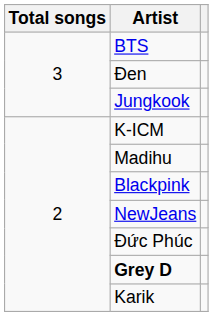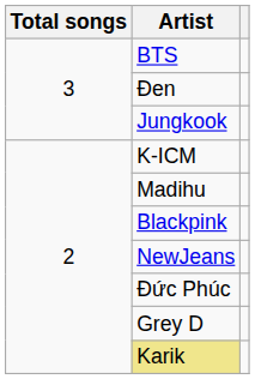 <table class="wikitable sortable">
 <tr>
 <th>Total songs</th>
 <th>Artist</th>
 <th class="unsortable"></th>
 </tr>
 <tr>
 <td rowspan="3" align="center">3</td>
 <td><a href='#'>BTS</a></td>
 <td></td>
 </tr>
 <tr>
 <td>Đen</td>
 <td></td>
 </tr>
 <tr>
 <td><a href='#'>Jungkook</a></td>
 <td></td>
 </tr>
 <tr>
 <td rowspan="7" align="center">2</td>
 <td>K-ICM</td>
 <td></td>
 </tr>
 <tr>
 <td>Madihu</td>
 <td></td>
 </tr>
 <tr>
 <td><a href='#'>Blackpink</a></td>
 <td></td>
 </tr>
 <tr>
 <td><a href='#'>NewJeans</a></td>
 <td></td>
 </tr>
 <tr>
 <td>Đức Phúc</td>
 <td></td>
 </tr>
 <tr>
-<td><strong>Grey D</strong></td>
+<td>Grey D</td>
 <td></td>
 </tr>
 <tr>
-<td>Karik</td>
+<td style="background: khaki;">Karik</td>
 <td></td>
 </tr>
 </table>
